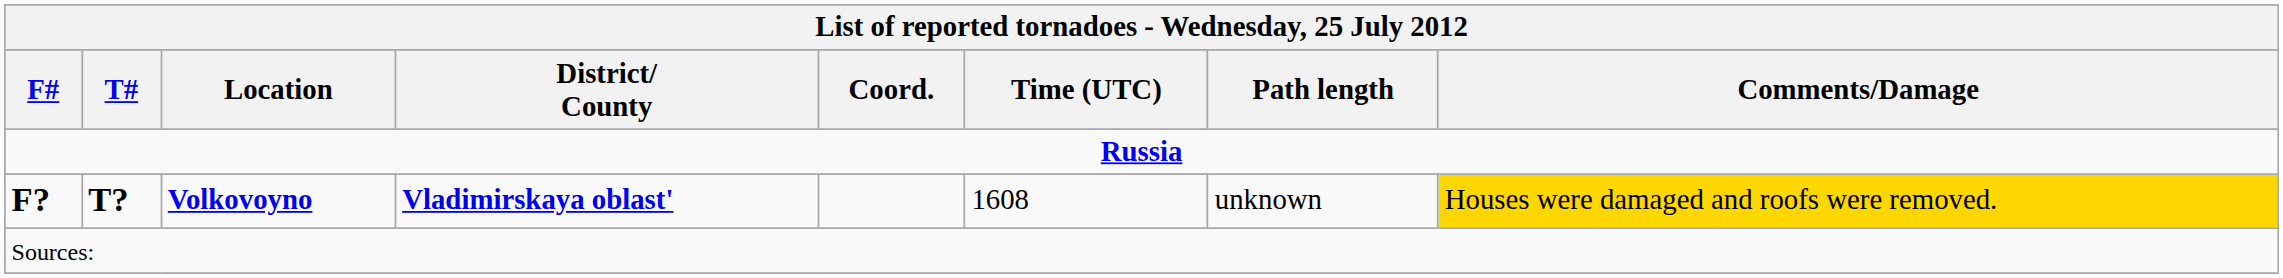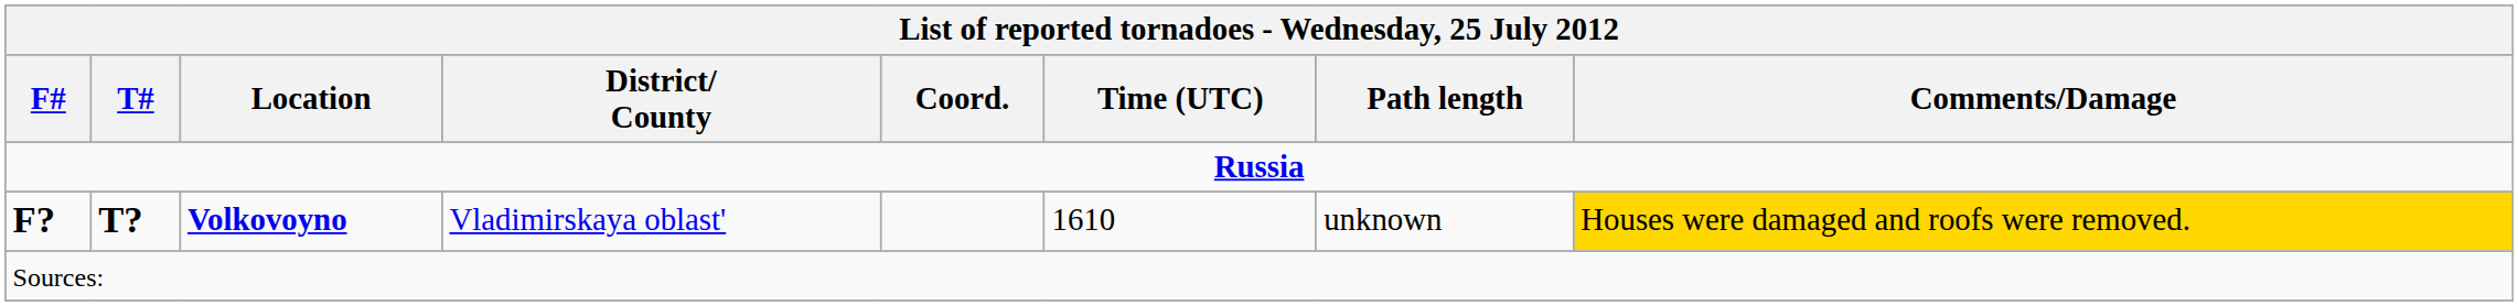 <table class="wikitable collapsible" width="100%">
 <tr>
 <th colspan="8">List of reported tornadoes - Wednesday, 25 July 2012</th>
 </tr>
 <tr>
 <th><a href='#'>F#</a></th>
 <th><a href='#'>T#</a></th>
 <th>Location</th>
 <th>District/<br>County</th>
 <th>Coord.</th>
 <th>Time (UTC)</th>
 <th>Path length</th>
 <th>Comments/Damage</th>
 </tr>
 <tr>
 <td colspan="8" align=center><strong><a href='#'>Russia</a></strong></td>
 </tr>
 <tr>
 <td><big><strong>F?</strong></big></td>
 <td><big><strong>T?</strong></big></td>
 <td><strong><a href='#'>Volkovoyno</a></strong></td>
-<td><strong><a href='#'>Vladimirskaya oblast'</a></strong></td>
+<td><a href='#'>Vladimirskaya oblast'</a></td>
 <td></td>
-<td>1608</td>
+<td>1610</td>
 <td>unknown</td>
 <td style="background: gold;">Houses were damaged and roofs were removed.</td>
 </tr>
 <tr>
 <td colspan="8"><small>Sources:  </small></td>
 </tr>
 </table>
